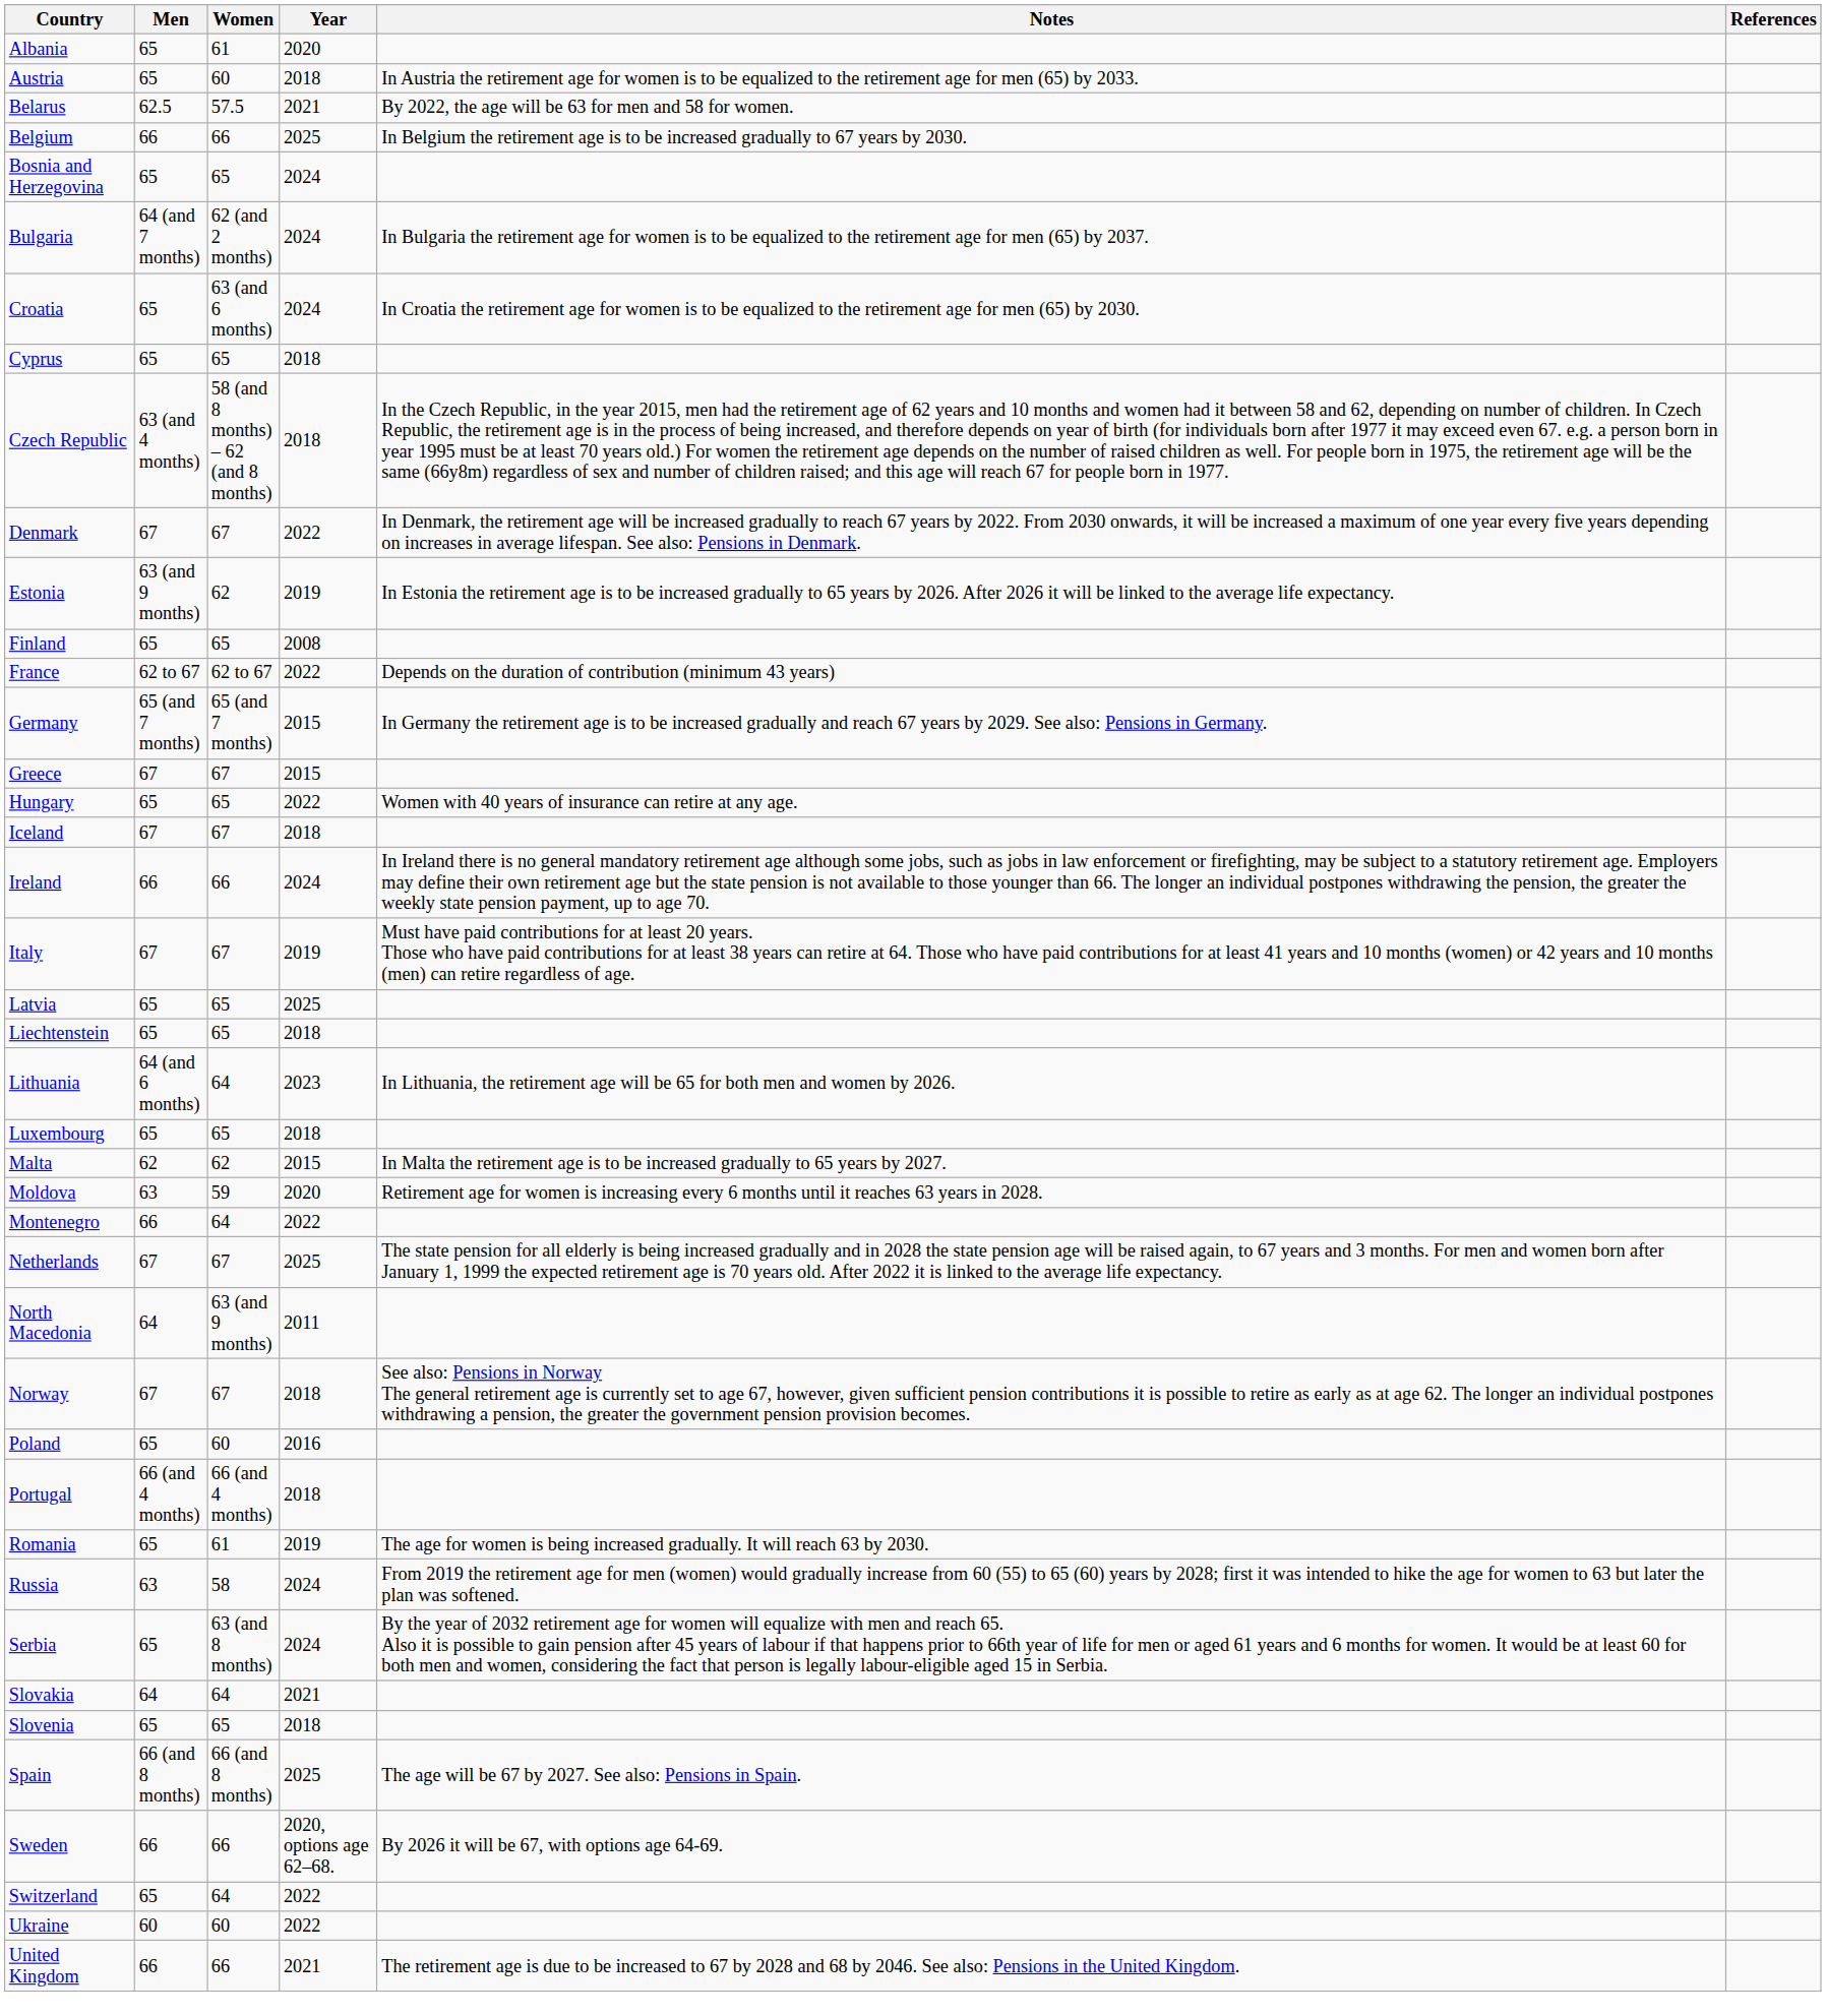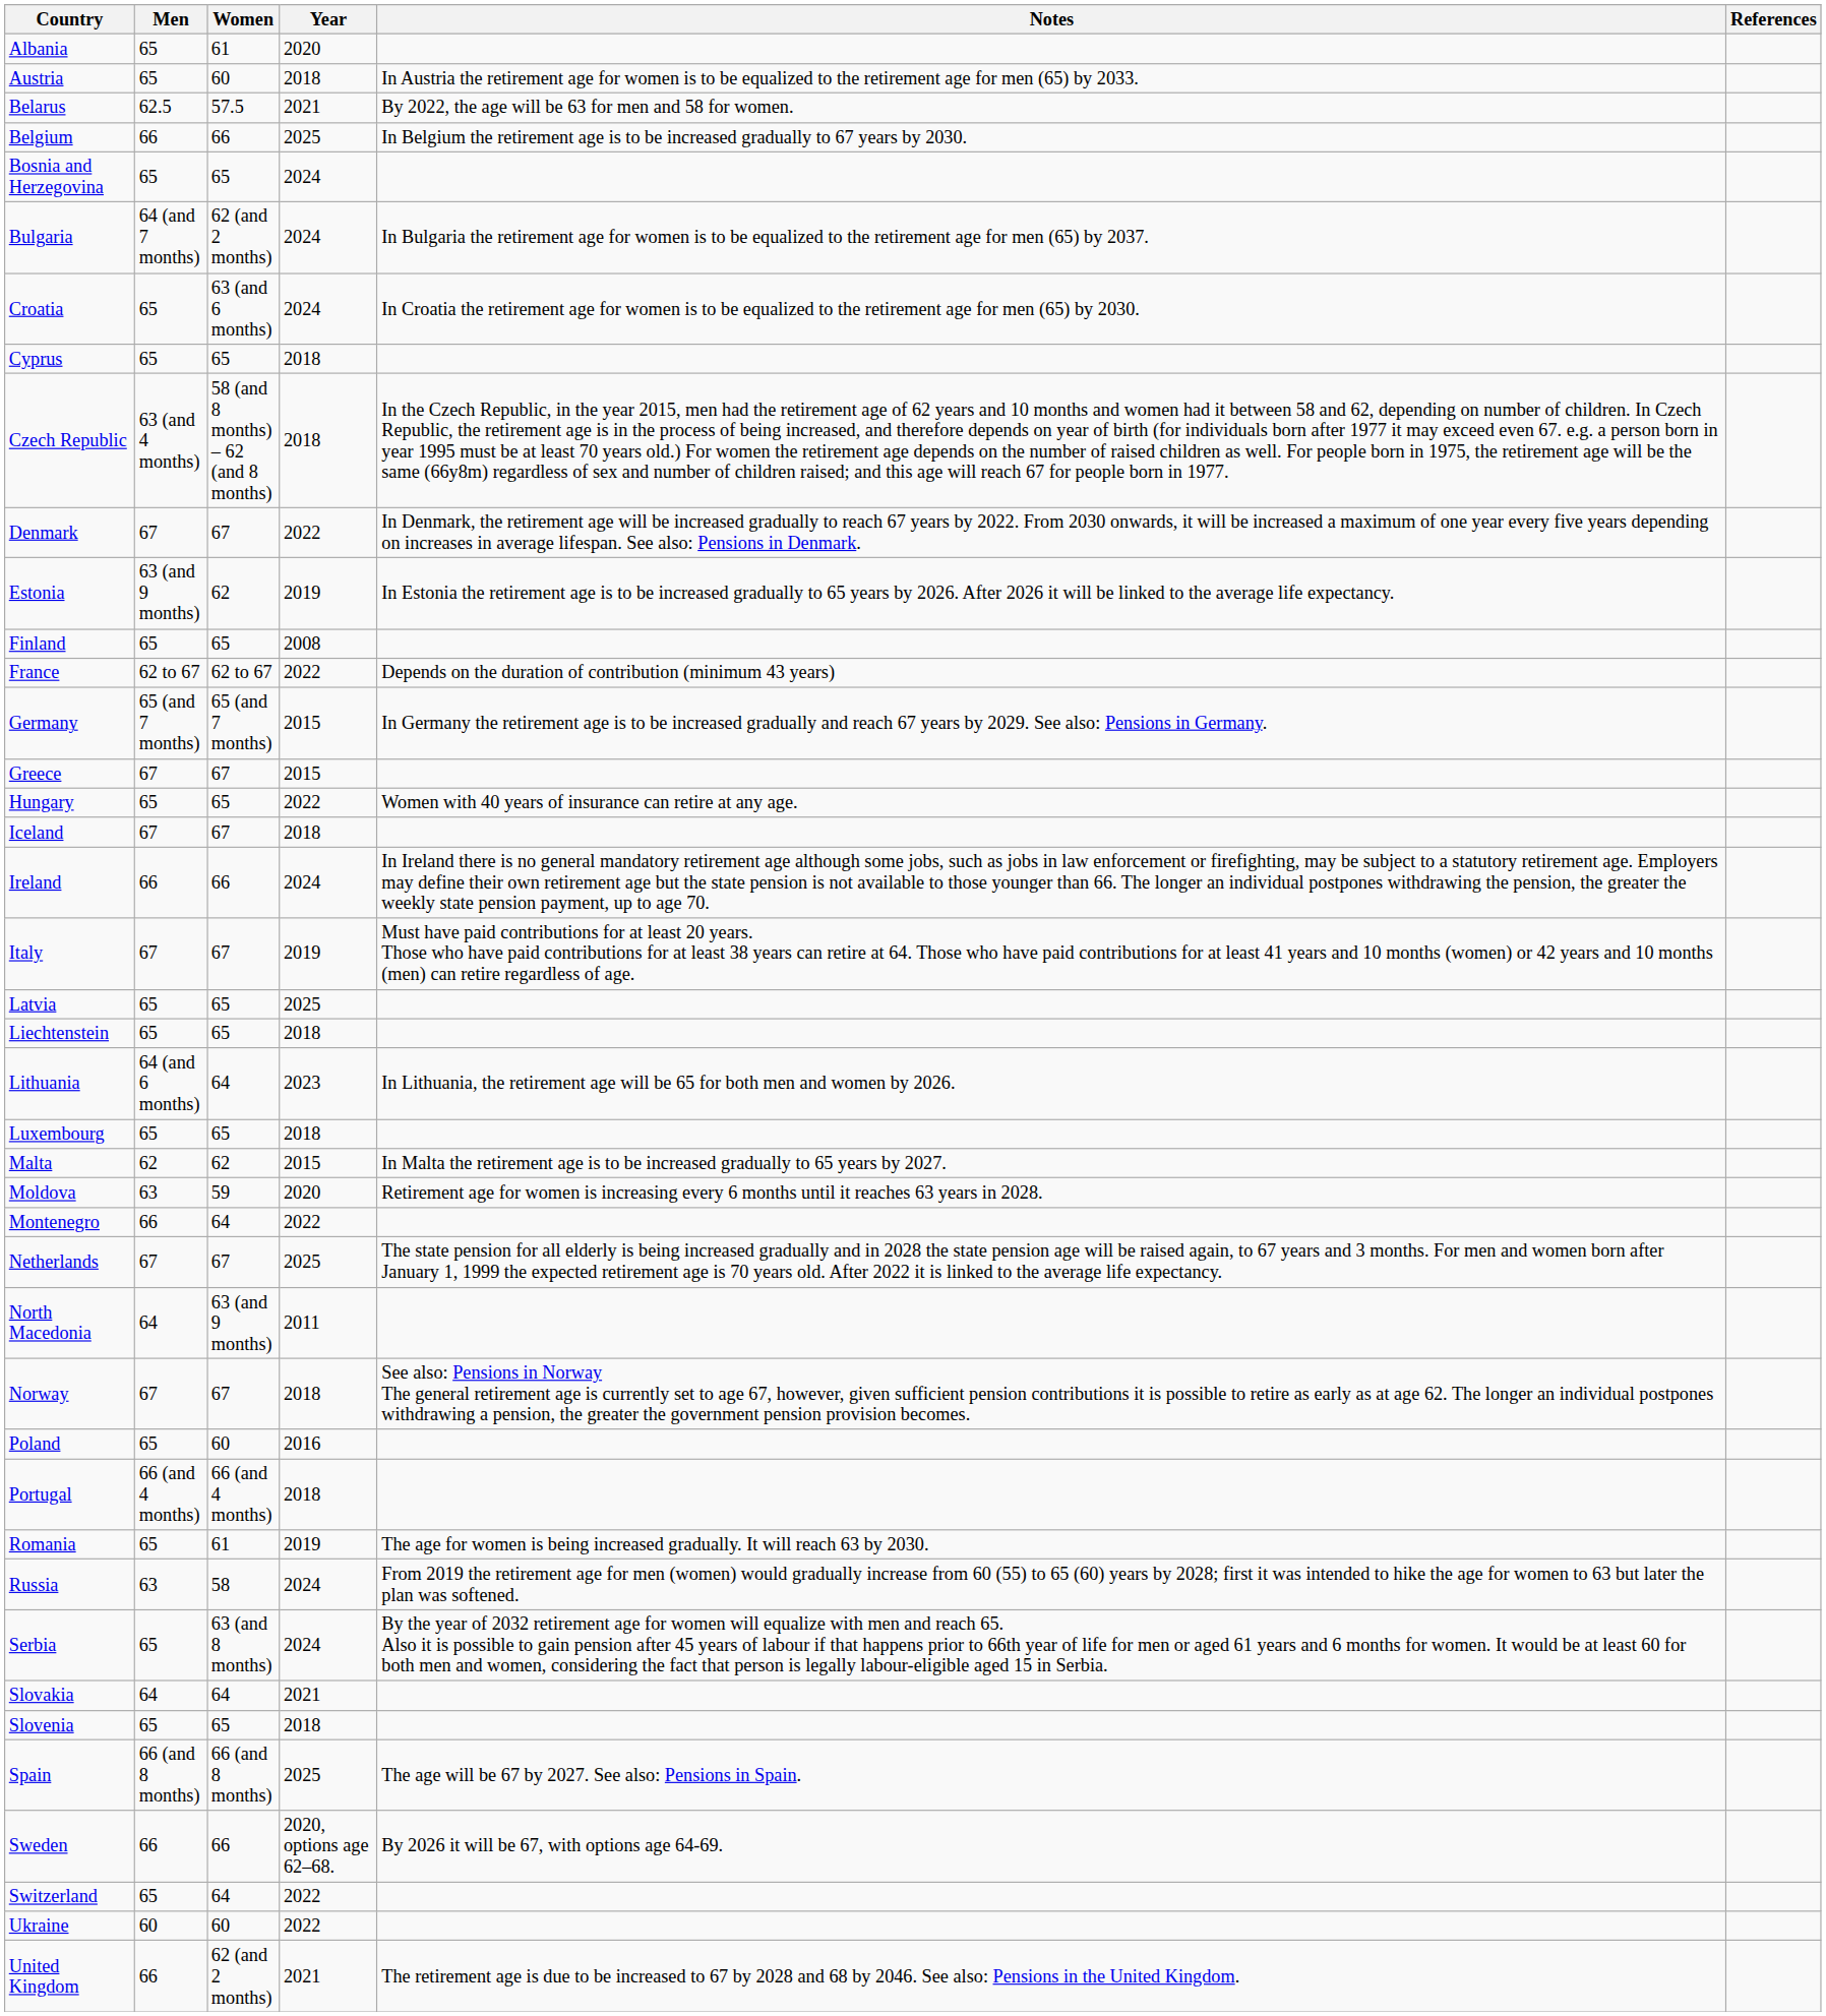 <table class="wikitable sortable">
 <tr style="background:silver">
 <th>Country</th>
 <th width="55">Men</th>
 <th width="55">Women</th>
 <th>Year</th>
 <th class="unsortable">Notes</th>
 <th class="unsortable">References</th>
 </tr>
 <tr>
 <td><a href='#'>Albania</a></td>
 <td>65</td>
 <td>61</td>
 <td>2020</td>
 <td></td>
 <td></td>
 </tr>
 <tr>
 <td><a href='#'>Austria</a></td>
 <td>65</td>
 <td>60</td>
 <td>2018</td>
 <td>In Austria the retirement age for women is to be equalized to the retirement age for men (65) by 2033.</td>
 <td></td>
 </tr>
 <tr>
 <td><a href='#'>Belarus</a></td>
 <td>62.5</td>
 <td>57.5</td>
 <td>2021</td>
 <td>By 2022, the age will be 63 for men and 58 for women.</td>
 <td></td>
 </tr>
 <tr>
 <td><a href='#'>Belgium</a></td>
 <td>66</td>
 <td>66</td>
 <td>2025</td>
 <td>In Belgium the retirement age is to be increased gradually to 67 years by 2030.</td>
 <td></td>
 </tr>
 <tr>
 <td><a href='#'>Bosnia and Herzegovina</a></td>
 <td>65</td>
 <td>65</td>
 <td>2024</td>
 <td></td>
 <td></td>
 </tr>
 <tr>
 <td><a href='#'>Bulgaria</a></td>
 <td>64 (and 7 months)</td>
 <td>62 (and 2 months)</td>
 <td>2024</td>
 <td>In Bulgaria the retirement age for women is to be equalized to the retirement age for men (65) by 2037.</td>
 <td></td>
 </tr>
 <tr>
 <td><a href='#'>Croatia</a></td>
 <td>65</td>
 <td>63 (and 6 months)</td>
 <td>2024</td>
 <td>In Croatia the retirement age for women is to be equalized to the retirement age for men (65) by 2030.</td>
 <td></td>
 </tr>
 <tr>
 <td><a href='#'>Cyprus</a></td>
 <td>65</td>
 <td>65</td>
 <td>2018</td>
 <td></td>
 <td></td>
 </tr>
 <tr>
 <td><a href='#'>Czech Republic</a></td>
 <td>63 (and 4 months)</td>
 <td>58 (and 8 months) – 62 (and 8 months)</td>
 <td>2018</td>
 <td>In the Czech Republic, in the year 2015, men had the retirement age of 62 years and 10 months and women had it between 58 and 62, depending on number of children. In Czech Republic, the retirement age is in the process of being increased, and therefore depends on year of birth (for individuals born after 1977 it may exceed even 67. e.g. a person born in year 1995 must be at least 70 years old.) For women the retirement age depends on the number of raised children as well. For people born in 1975, the retirement age will be the same (66y8m) regardless of sex and number of children raised; and this age will reach 67 for people born in 1977.</td>
 <td></td>
 </tr>
 <tr>
 <td><a href='#'>Denmark</a></td>
 <td>67</td>
 <td>67</td>
 <td>2022</td>
 <td>In Denmark, the retirement age will be increased gradually to reach 67 years by 2022. From 2030 onwards, it will be increased a maximum of one year every five years depending on increases in average lifespan. See also: <a href='#'>Pensions in Denmark</a>.</td>
 <td></td>
 </tr>
 <tr>
 <td><a href='#'>Estonia</a></td>
 <td>63 (and 9 months)</td>
 <td>62</td>
 <td>2019</td>
 <td>In Estonia the retirement age is to be increased gradually to 65 years by 2026. After 2026 it will be linked to the average life expectancy.</td>
 <td></td>
 </tr>
 <tr>
 <td><a href='#'>Finland</a></td>
 <td>65</td>
 <td>65</td>
 <td>2008</td>
 <td></td>
 <td></td>
 </tr>
 <tr>
 <td><a href='#'>France</a></td>
 <td>62 to 67</td>
 <td>62 to 67</td>
 <td>2022</td>
 <td>Depends on the duration of contribution (minimum 43 years)</td>
 <td></td>
 </tr>
 <tr>
 <td><a href='#'>Germany</a></td>
 <td>65 (and 7 months)</td>
 <td>65 (and 7 months)</td>
 <td>2015</td>
 <td>In Germany the retirement age is to be increased gradually and reach 67 years by 2029. See also: <a href='#'>Pensions in Germany</a>.</td>
 <td></td>
 </tr>
 <tr>
 <td><a href='#'>Greece</a></td>
 <td>67</td>
 <td>67</td>
 <td>2015</td>
 <td></td>
 <td></td>
 </tr>
 <tr>
 <td><a href='#'>Hungary</a></td>
 <td>65</td>
 <td>65</td>
 <td>2022</td>
 <td>Women with 40 years of insurance can retire at any age.</td>
 <td></td>
 </tr>
 <tr>
 <td><a href='#'>Iceland</a></td>
 <td>67</td>
 <td>67</td>
 <td>2018</td>
 <td></td>
 <td></td>
 </tr>
 <tr>
 <td><a href='#'>Ireland</a></td>
 <td>66</td>
 <td>66</td>
 <td>2024</td>
 <td>In Ireland there is no general mandatory retirement age although some jobs, such as jobs in law enforcement or firefighting, may be subject to a statutory retirement age. Employers may define their own retirement age but the state pension is not available to those younger than 66. The longer an individual postpones withdrawing the pension, the greater the weekly state pension payment, up to age 70. </td>
 </tr>
 <tr>
 <td><a href='#'>Italy</a></td>
 <td>67</td>
 <td>67</td>
 <td>2019</td>
 <td>Must have paid contributions for at least 20 years.<br>Those who have paid contributions for at least 38 years can retire at 64. Those who have paid contributions for at least 41 years and 10 months (women) or 42 years and 10 months (men) can retire regardless of age.</td>
 <td></td>
 </tr>
 <tr>
 <td><a href='#'>Latvia</a></td>
 <td>65</td>
 <td>65</td>
 <td>2025</td>
 <td></td>
 <td></td>
 </tr>
 <tr>
 <td><a href='#'>Liechtenstein</a></td>
 <td>65</td>
 <td>65</td>
 <td>2018</td>
 <td></td>
 <td></td>
 </tr>
 <tr>
 <td><a href='#'>Lithuania</a></td>
 <td>64 (and 6 months)</td>
 <td>64</td>
 <td>2023</td>
 <td>In Lithuania, the retirement age will be 65 for both men and women by 2026.</td>
 <td></td>
 </tr>
 <tr>
 <td><a href='#'>Luxembourg</a></td>
 <td>65</td>
 <td>65</td>
 <td>2018</td>
 <td></td>
 <td></td>
 </tr>
 <tr>
 <td><a href='#'>Malta</a></td>
 <td>62</td>
 <td>62</td>
 <td>2015</td>
 <td>In Malta the retirement age is to be increased gradually to 65 years by 2027.</td>
 <td></td>
 </tr>
 <tr>
 <td><a href='#'>Moldova</a></td>
 <td>63</td>
 <td>59</td>
 <td>2020</td>
 <td>Retirement age for women is increasing every 6 months until it reaches 63 years in 2028.</td>
 <td></td>
 </tr>
 <tr>
 <td><a href='#'>Montenegro</a></td>
 <td>66</td>
 <td>64</td>
 <td>2022</td>
 <td></td>
 <td></td>
 </tr>
 <tr>
 <td><a href='#'>Netherlands</a></td>
 <td>67</td>
 <td>67</td>
 <td>2025</td>
 <td>The state pension for all elderly is being increased gradually and in 2028 the state pension age will be raised again, to 67 years and 3 months. For men and women born after January 1, 1999 the expected retirement age is 70 years old. After 2022 it is linked to the average life expectancy.</td>
 <td></td>
 </tr>
 <tr>
 <td><a href='#'>North Macedonia</a></td>
 <td>64</td>
 <td>63 (and 9 months)</td>
 <td>2011</td>
 <td></td>
 <td></td>
 </tr>
 <tr>
 <td><a href='#'>Norway</a></td>
 <td>67</td>
 <td>67</td>
 <td>2018</td>
 <td>See also: <a href='#'>Pensions in Norway</a><br>The general retirement age is currently set to age 67, however, given sufficient pension contributions it is possible to retire as early as at age 62. The longer an individual postpones withdrawing a pension, the greater the government pension provision becomes.</td>
 </tr>
 <tr>
 <td><a href='#'>Poland</a></td>
 <td>65</td>
 <td>60</td>
 <td>2016</td>
 <td></td>
 <td></td>
 </tr>
 <tr>
 <td><a href='#'>Portugal</a></td>
 <td>66 (and 4 months)</td>
 <td>66 (and 4 months)</td>
 <td>2018</td>
 <td></td>
 <td></td>
 </tr>
 <tr>
 <td><a href='#'>Romania</a></td>
 <td>65</td>
 <td>61</td>
 <td>2019</td>
 <td>The age for women is being increased gradually. It will reach 63 by 2030.</td>
 <td></td>
 </tr>
 <tr>
 <td><a href='#'>Russia</a></td>
 <td>63</td>
 <td>58</td>
 <td>2024</td>
 <td>From 2019 the retirement age for men (women) would gradually increase from 60 (55) to 65 (60) years by 2028; first it was intended to hike the age for women to 63 but later the plan was softened.</td>
 <td></td>
 </tr>
 <tr>
 <td><a href='#'>Serbia</a></td>
 <td>65</td>
 <td>63 (and 8 months)</td>
 <td>2024</td>
 <td>By the year of 2032 retirement age for women will equalize with men and reach 65.<br>Also it is possible to gain pension after 45 years of labour if that happens prior to 66th year of life for men or aged 61 years and 6 months for women. It would be at least 60 for both men and women, considering the fact that person is legally labour-eligible aged 15 in Serbia.</td>
 <td></td>
 </tr>
 <tr>
 <td><a href='#'>Slovakia</a></td>
 <td>64</td>
 <td>64</td>
 <td>2021</td>
 <td></td>
 <td></td>
 </tr>
 <tr>
 <td><a href='#'>Slovenia</a></td>
 <td>65</td>
 <td>65</td>
 <td>2018</td>
 <td></td>
 <td></td>
 </tr>
 <tr>
 <td><a href='#'>Spain</a></td>
 <td>66 (and 8 months)</td>
 <td>66 (and 8 months)</td>
 <td>2025</td>
 <td>The age will be 67 by 2027. See also: <a href='#'>Pensions in Spain</a>.</td>
 <td></td>
 </tr>
 <tr>
 <td><a href='#'>Sweden</a></td>
 <td>66</td>
 <td>66</td>
 <td>2020, options age 62–68.</td>
 <td>By 2026 it will be 67, with options age 64-69.</td>
 <td></td>
 </tr>
 <tr>
 <td><a href='#'>Switzerland</a></td>
 <td>65</td>
 <td>64</td>
 <td>2022</td>
 <td></td>
 <td></td>
 </tr>
 <tr>
 <td><a href='#'>Ukraine</a></td>
 <td>60</td>
 <td>60</td>
 <td>2022</td>
 <td></td>
 <td></td>
 </tr>
 <tr>
 <td><a href='#'>United Kingdom</a></td>
 <td>66</td>
-<td>66</td>
+<td>62 (and 2 months)</td>
 <td>2021</td>
 <td>The retirement age is due to be increased to 67 by 2028 and 68 by 2046. See also: <a href='#'>Pensions in the United Kingdom</a>.</td>
 <td></td>
 </tr>
 </table>
